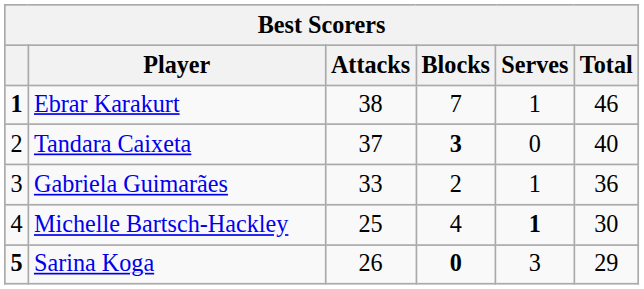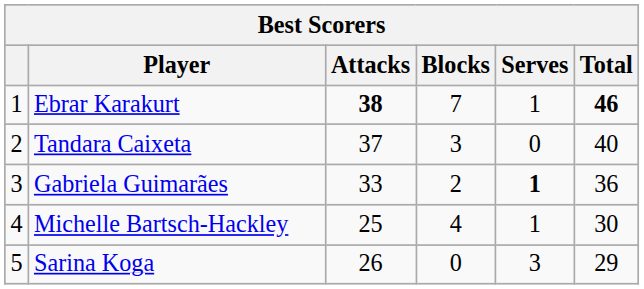 <table class="wikitable sortable" style=font-size:90%>
 <tr>
 <th colspan=6>Best Scorers</th>
 </tr>
 <tr>
 <th></th>
 <th width=170>Player</th>
 <th width=20>Attacks</th>
 <th width=20>Blocks</th>
 <th width=20>Serves</th>
 <th width=20>Total</th>
 </tr>
 <tr>
-<td><strong>1</strong></td>
+<td>1</td>
 <td> <a href='#'>Ebrar Karakurt</a></td>
-<td align=center>38</td>
+<td align=center><strong>38</strong></td>
 <td align=center>7</td>
 <td align=center>1</td>
-<td align=center>46</td>
+<td align=center><strong>46</strong></td>
 </tr>
 <tr>
 <td>2</td>
 <td> <a href='#'>Tandara Caixeta</a></td>
 <td align=center>37</td>
-<td align=center><strong>3</strong></td>
+<td align=center>3</td>
 <td align=center>0</td>
 <td align=center>40</td>
 </tr>
 <tr>
 <td>3</td>
 <td> <a href='#'>Gabriela Guimarães</a></td>
 <td align=center>33</td>
 <td align=center>2</td>
-<td align=center>1</td>
+<td align=center><strong>1</strong></td>
 <td align=center>36</td>
 </tr>
 <tr>
 <td>4</td>
 <td> <a href='#'>Michelle Bartsch-Hackley</a></td>
 <td align=center>25</td>
 <td align=center>4</td>
-<td align=center><strong>1</strong></td>
+<td align=center>1</td>
 <td align=center>30</td>
 </tr>
 <tr>
-<td><strong>5</strong></td>
+<td>5</td>
 <td> <a href='#'>Sarina Koga</a></td>
 <td align=center>26</td>
-<td align=center><strong>0</strong></td>
+<td align=center>0</td>
 <td align=center>3</td>
 <td align=center>29</td>
 </tr>
 </table>
